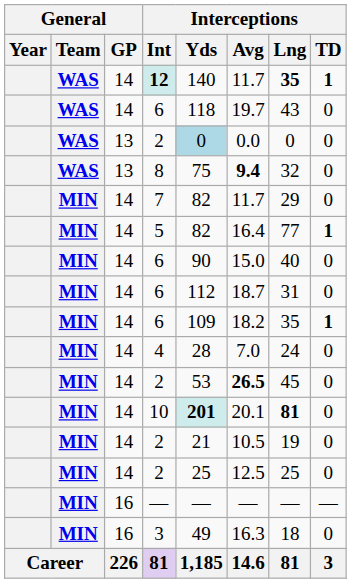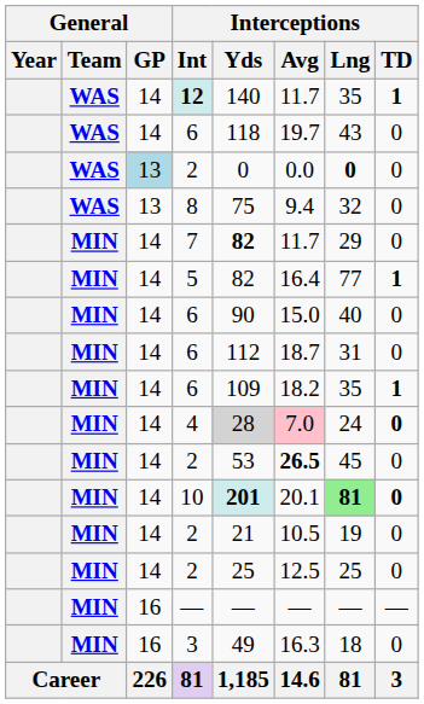 <table class="wikitable" style="text-align:center;">
 <tr>
 <th colspan=3>General</th>
 <th colspan=5>Interceptions</th>
 </tr>
 <tr>
 <th>Year</th>
 <th>Team</th>
 <th>GP</th>
 <th>Int</th>
 <th>Yds</th>
 <th>Avg</th>
 <th>Lng</th>
 <th>TD</th>
 </tr>
 <tr>
 <th></th>
 <th><a href='#'>WAS</a></th>
 <td>14</td>
 <td style="background:#cfecec;"><strong>12</strong></td>
 <td>140</td>
 <td>11.7</td>
-<td><strong>35</strong></td>
+<td>35</td>
 <td><strong>1</strong></td>
 </tr>
 <tr>
 <th></th>
 <th><a href='#'>WAS</a></th>
 <td>14</td>
 <td>6</td>
 <td>118</td>
 <td>19.7</td>
 <td>43</td>
 <td>0</td>
 </tr>
 <tr>
 <th></th>
 <th><a href='#'>WAS</a></th>
-<td>13</td>
+<td style="background: lightblue;">13</td>
 <td>2</td>
-<td style="background: lightblue;">0</td>
+<td>0</td>
 <td>0.0</td>
-<td>0</td>
+<td><strong>0</strong></td>
 <td>0</td>
 </tr>
 <tr>
 <th></th>
 <th><a href='#'>WAS</a></th>
 <td>13</td>
 <td>8</td>
 <td>75</td>
-<td><strong>9.4</strong></td>
+<td>9.4</td>
 <td>32</td>
 <td>0</td>
 </tr>
 <tr>
 <th></th>
 <th><a href='#'>MIN</a></th>
 <td>14</td>
 <td>7</td>
-<td>82</td>
+<td><strong>82</strong></td>
 <td>11.7</td>
 <td>29</td>
 <td>0</td>
 </tr>
 <tr>
 <th></th>
 <th><a href='#'>MIN</a></th>
 <td>14</td>
 <td>5</td>
 <td>82</td>
 <td>16.4</td>
 <td>77</td>
 <td><strong>1</strong></td>
 </tr>
 <tr>
 <th></th>
 <th><a href='#'>MIN</a></th>
 <td>14</td>
 <td>6</td>
 <td>90</td>
 <td>15.0</td>
 <td>40</td>
 <td>0</td>
 </tr>
 <tr>
 <th></th>
 <th><a href='#'>MIN</a></th>
 <td>14</td>
 <td>6</td>
 <td>112</td>
 <td>18.7</td>
 <td>31</td>
 <td>0</td>
 </tr>
 <tr>
 <th></th>
 <th><a href='#'>MIN</a></th>
 <td>14</td>
 <td>6</td>
 <td>109</td>
 <td>18.2</td>
 <td>35</td>
 <td><strong>1</strong></td>
 </tr>
 <tr>
 <th></th>
 <th><a href='#'>MIN</a></th>
 <td>14</td>
 <td>4</td>
-<td>28</td>
-<td>7.0</td>
+<td style="background: lightgrey;">28</td>
+<td style="background: pink;">7.0</td>
 <td>24</td>
-<td>0</td>
+<td><strong>0</strong></td>
 </tr>
 <tr>
 <th></th>
 <th><a href='#'>MIN</a></th>
 <td>14</td>
 <td>2</td>
 <td>53</td>
 <td><strong>26.5</strong></td>
 <td>45</td>
 <td>0</td>
 </tr>
 <tr>
 <th></th>
 <th><a href='#'>MIN</a></th>
 <td>14</td>
 <td>10</td>
 <td style="background:#cfecec;"><strong>201</strong></td>
 <td>20.1</td>
-<td><strong>81</strong></td>
-<td>0</td>
+<td style="background: lightgreen;"><strong>81</strong></td>
+<td><strong>0</strong></td>
 </tr>
 <tr>
 <th></th>
 <th><a href='#'>MIN</a></th>
 <td>14</td>
 <td>2</td>
 <td>21</td>
 <td>10.5</td>
 <td>19</td>
 <td>0</td>
 </tr>
 <tr>
 <th></th>
 <th><a href='#'>MIN</a></th>
 <td>14</td>
 <td>2</td>
 <td>25</td>
 <td>12.5</td>
 <td>25</td>
 <td>0</td>
 </tr>
 <tr>
 <th></th>
 <th><a href='#'>MIN</a></th>
 <td>16</td>
 <td>—</td>
 <td>—</td>
 <td>—</td>
 <td>—</td>
 <td>—</td>
 </tr>
 <tr>
 <th></th>
 <th><a href='#'>MIN</a></th>
 <td>16</td>
 <td>3</td>
 <td>49</td>
 <td>16.3</td>
 <td>18</td>
 <td>0</td>
 </tr>
 <tr>
 <th colspan=2>Career</th>
 <th>226</th>
 <th style="background:#E0CEF2;">81</th>
 <th>1,185</th>
 <th>14.6</th>
 <th>81</th>
 <th>3</th>
 </tr>
 </table>
